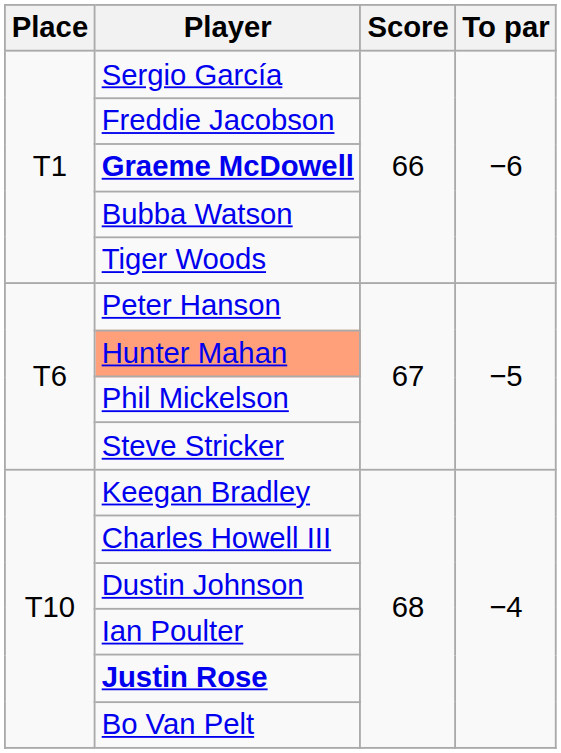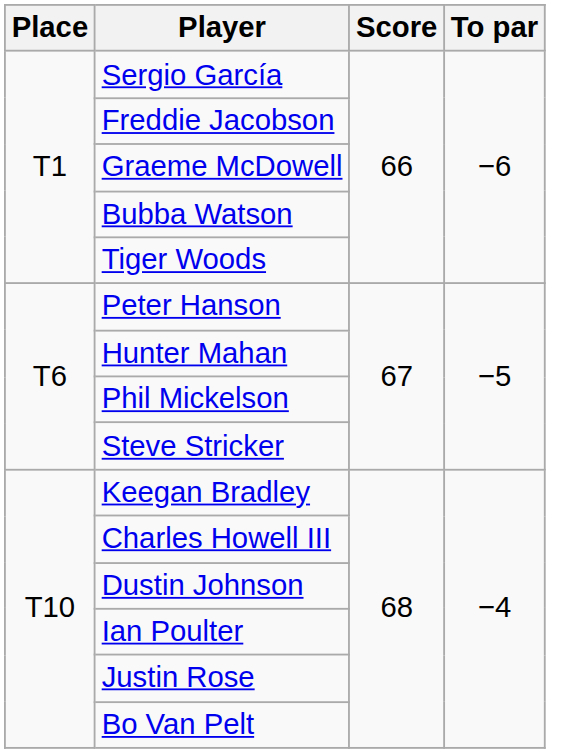 <table class="wikitable">
 <tr>
 <th>Place</th>
 <th>Player</th>
 <th>Score</th>
 <th>To par</th>
 </tr>
 <tr>
 <td rowspan=5 align=center>T1</td>
 <td> <a href='#'>Sergio García</a></td>
 <td rowspan=5 align=center>66</td>
 <td rowspan=5 align=center>−6</td>
 </tr>
 <tr>
 <td> <a href='#'>Freddie Jacobson</a></td>
 </tr>
 <tr>
-<td><strong> <a href='#'>Graeme McDowell</a></strong></td>
+<td> <a href='#'>Graeme McDowell</a></td>
 </tr>
 <tr>
 <td> <a href='#'>Bubba Watson</a></td>
 </tr>
 <tr>
 <td> <a href='#'>Tiger Woods</a></td>
 </tr>
 <tr>
 <td rowspan=4 align=center>T6</td>
 <td> <a href='#'>Peter Hanson</a></td>
 <td rowspan=4 align=center>67</td>
 <td rowspan=4 align=center>−5</td>
 </tr>
 <tr>
-<td style="background: lightsalmon;"> <a href='#'>Hunter Mahan</a></td>
+<td> <a href='#'>Hunter Mahan</a></td>
 </tr>
 <tr>
 <td> <a href='#'>Phil Mickelson</a></td>
 </tr>
 <tr>
 <td> <a href='#'>Steve Stricker</a></td>
 </tr>
 <tr>
 <td rowspan=6 align=center>T10</td>
 <td> <a href='#'>Keegan Bradley</a></td>
 <td rowspan=6 align=center>68</td>
 <td rowspan=6 align=center>−4</td>
 </tr>
 <tr>
 <td> <a href='#'>Charles Howell III</a></td>
 </tr>
 <tr>
 <td> <a href='#'>Dustin Johnson</a></td>
 </tr>
 <tr>
 <td> <a href='#'>Ian Poulter</a></td>
 </tr>
 <tr>
-<td><strong> <a href='#'>Justin Rose</a></strong></td>
+<td> <a href='#'>Justin Rose</a></td>
 </tr>
 <tr>
 <td> <a href='#'>Bo Van Pelt</a></td>
 </tr>
 </table>
